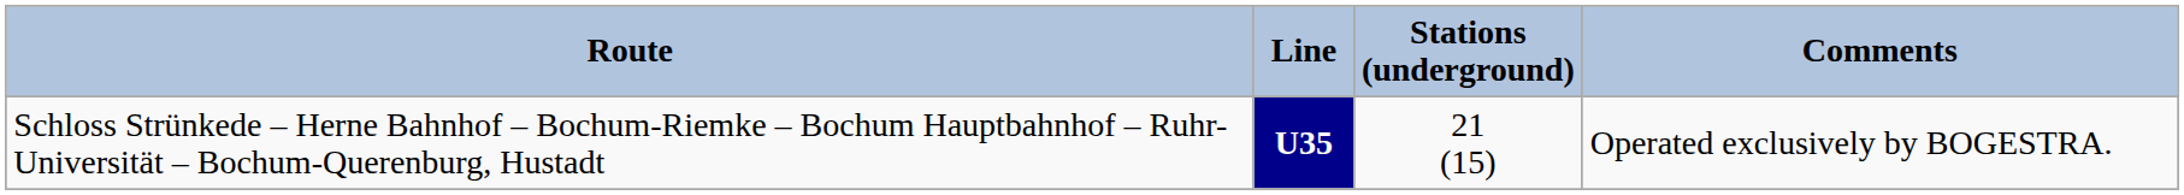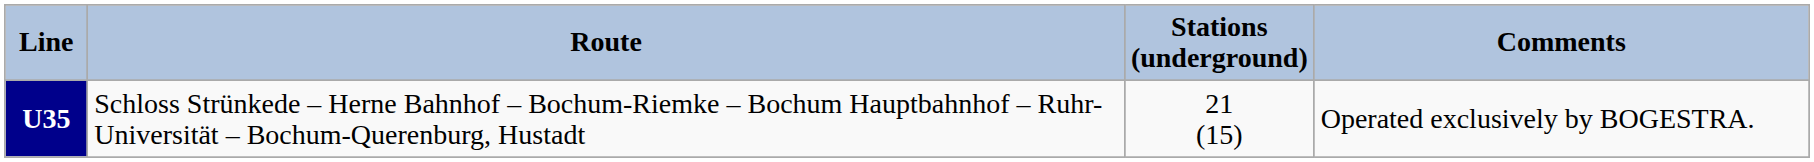 <table class="wikitable">
 <tr>
+<th style="background: lightsteelblue;" width="40px">Line</th>
 <th style="background: lightsteelblue;" width="585px">Route</th>
-<th style="background: lightsteelblue;" width="40px">Line</th>
 <th style="background: lightsteelblue;" width="100px">Stations <br>(underground)</th>
 <th style="background: lightsteelblue;" width="275px">Comments</th>
 </tr>
 <tr>
+<td style="background-color:#00008B; text-align:center; font-weight:bold; color:white;">U35</td>
 <td>Schloss Strünkede – Herne Bahnhof – Bochum-Riemke – Bochum Hauptbahnhof – Ruhr-Universität – Bochum-Querenburg, Hustadt</td>
-<td style="background-color:#00008B; text-align:center; font-weight:bold; color:white;">U35</td>
 <td style="text-align:center;">21<br>(15)</td>
 <td>Operated exclusively by BOGESTRA.</td>
 </tr>
 </table>
